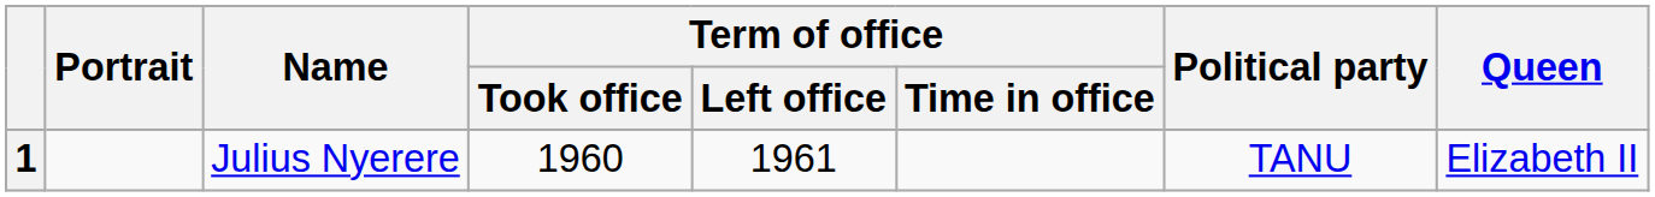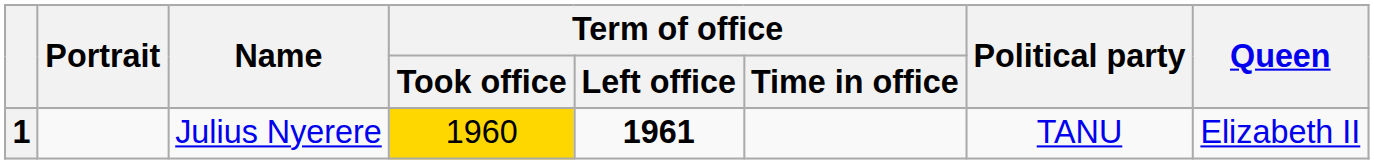 <table class="wikitable" style="text-align:center">
 <tr>
 <th rowspan="2"></th>
 <th rowspan="2">Portrait</th>
 <th rowspan="2">Name<br></th>
 <th colspan="3">Term of office</th>
 <th rowspan="2">Political party</th>
 <th rowspan="2"><a href='#'>Queen</a></th>
 </tr>
 <tr>
 <th>Took office</th>
 <th>Left office</th>
 <th>Time in office</th>
 </tr>
 <tr>
 <th style="background:">1</th>
 <td></td>
 <td><a href='#'>Julius Nyerere</a><br></td>
-<td> 1960</td>
-<td> 1961</td>
+<td style="background: gold;"> 1960</td>
+<td><strong> 1961</strong></td>
 <td></td>
 <td><a href='#'>TANU</a></td>
 <td><a href='#'>Elizabeth II</a></td>
 </tr>
 </table>
